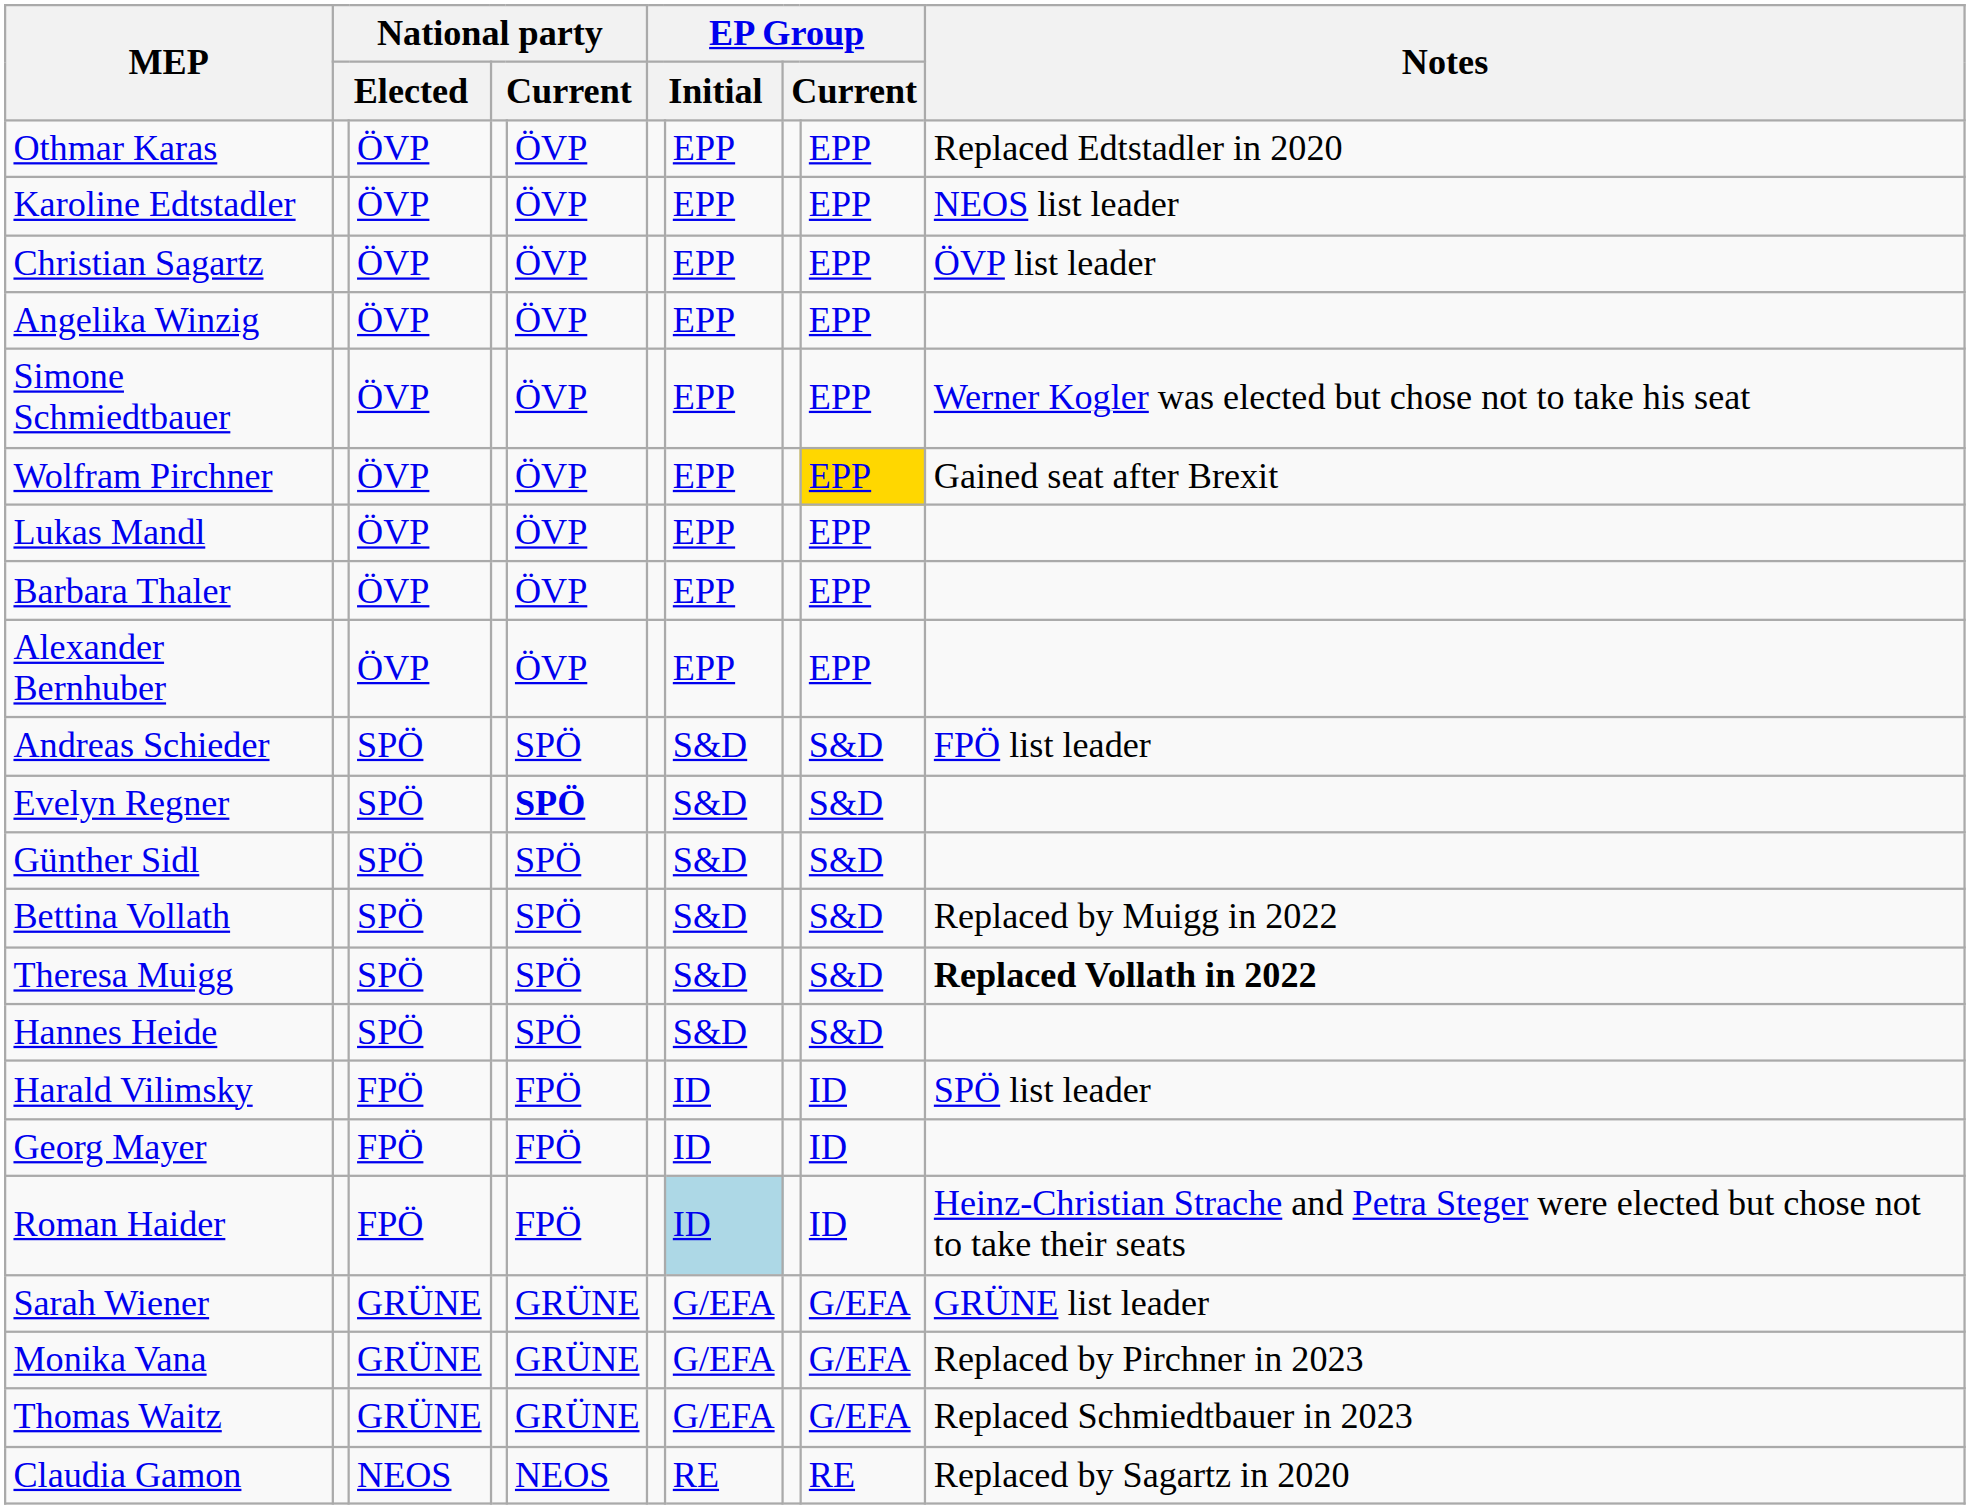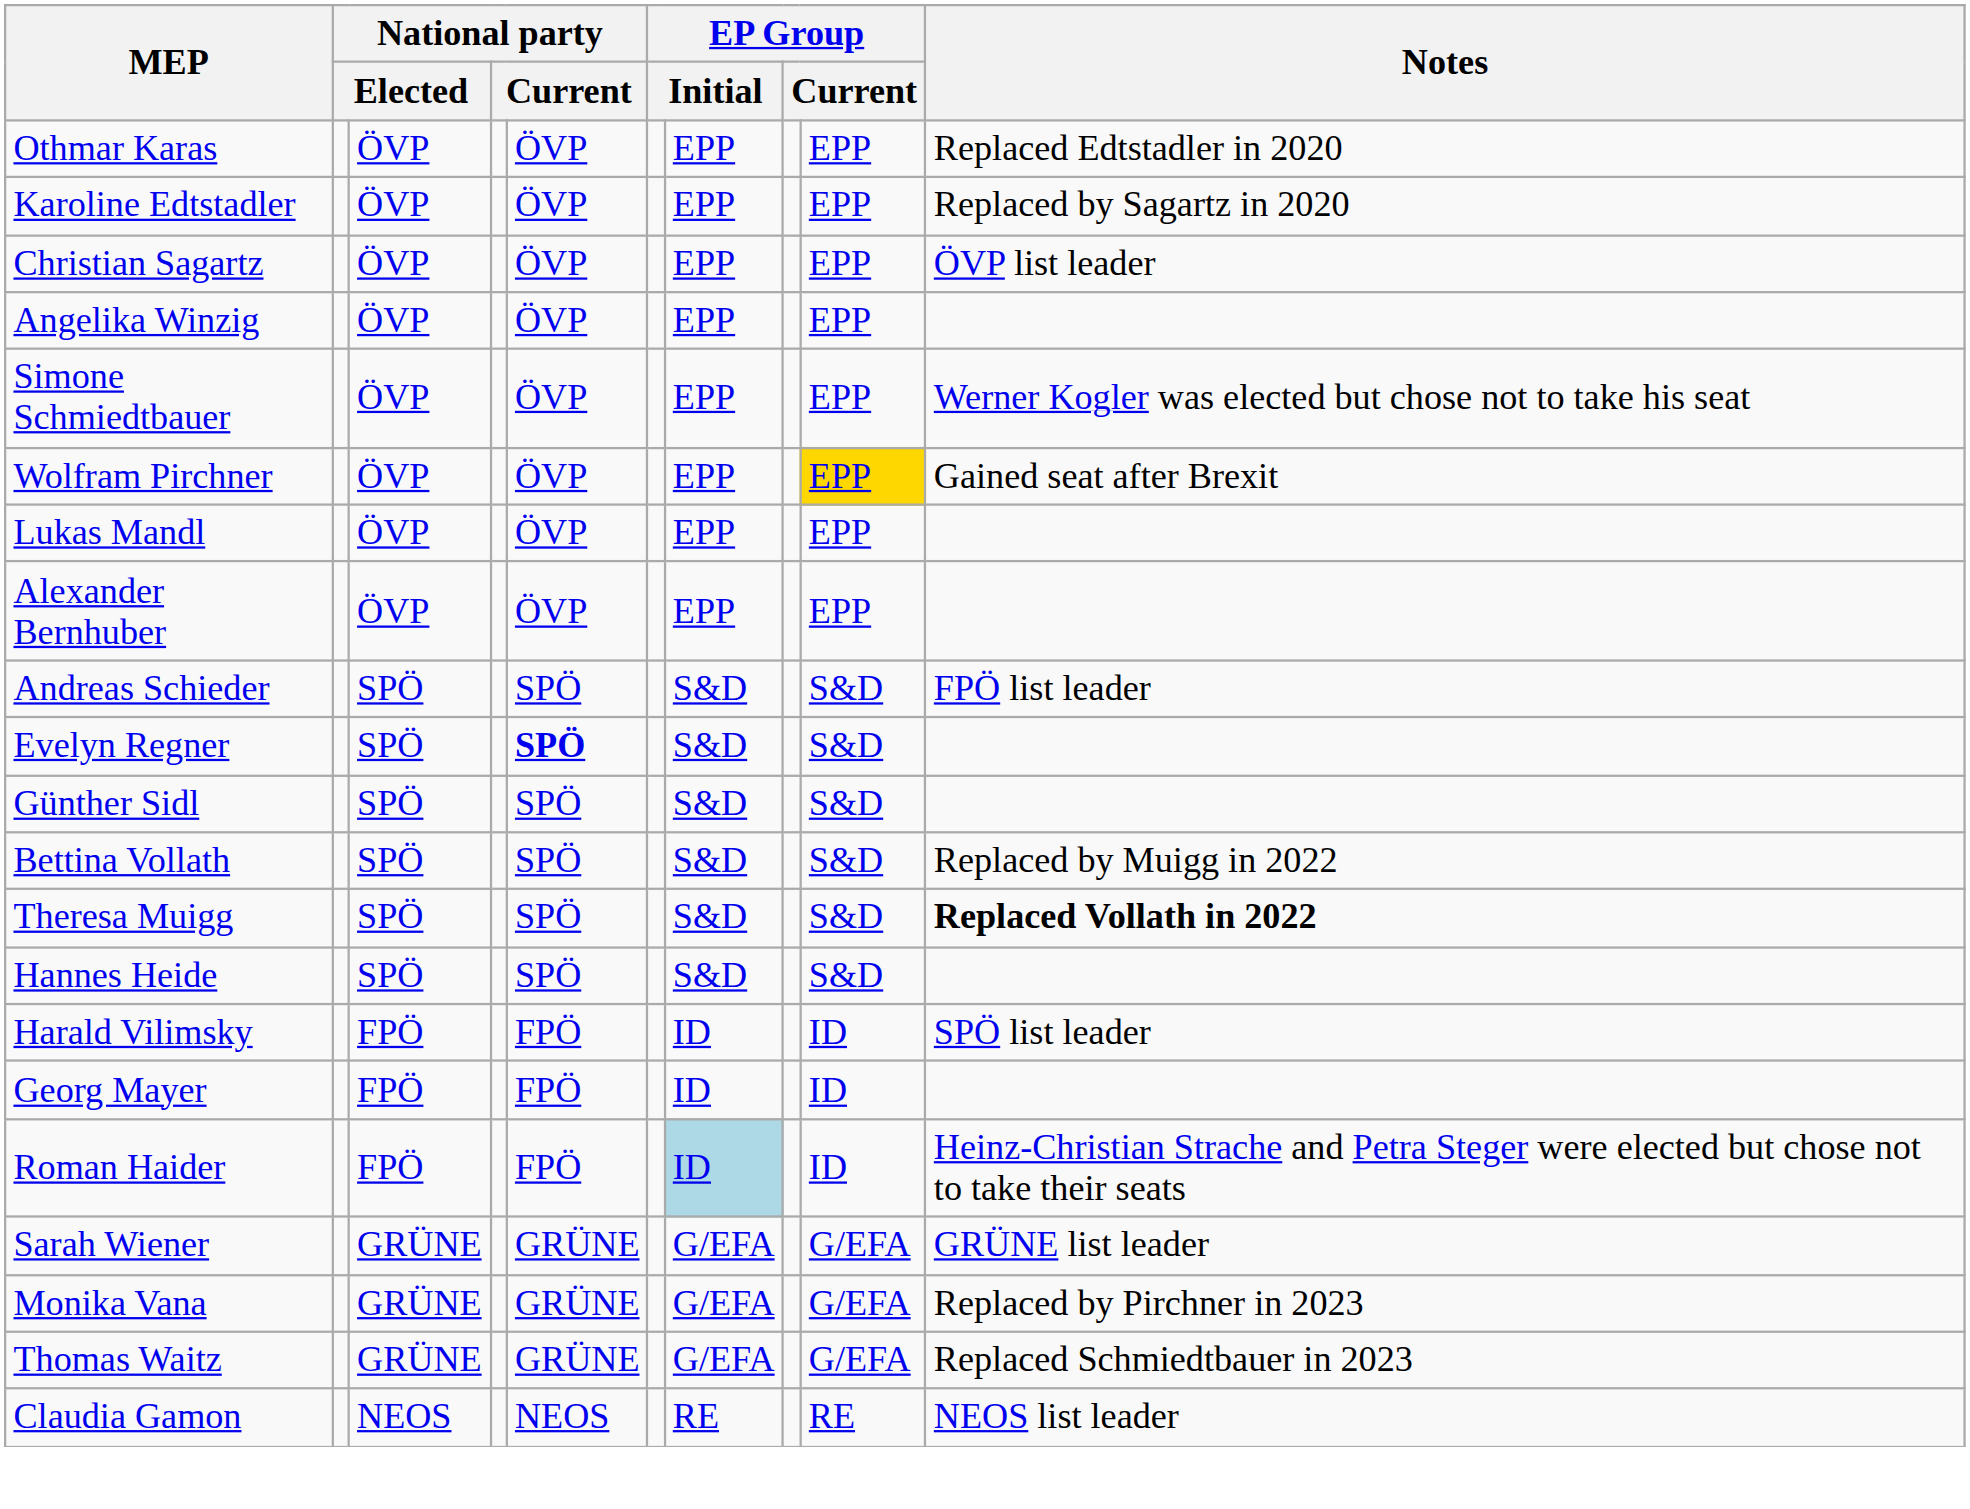 <table class="wikitable sortable" style="text-align:left">
 <tr>
 <th rowspan="2">MEP</th>
 <th colspan="4">National party</th>
 <th colspan="4"><a href='#'>EP Group</a></th>
 <th rowspan="2">Notes</th>
 </tr>
 <tr>
 <th colspan="2">Elected</th>
 <th colspan="2">Current</th>
 <th colspan="2">Initial</th>
 <th colspan="2">Current</th>
 </tr>
 <tr>
 <td><a href='#'>Othmar Karas</a></td>
 <td style="background: "></td>
 <td><a href='#'>ÖVP</a></td>
 <td style="background: "></td>
 <td><a href='#'>ÖVP</a></td>
 <td style="background: "></td>
 <td><a href='#'>EPP</a></td>
 <td style="background: "></td>
 <td><a href='#'>EPP</a></td>
 <td>Replaced Edtstadler in 2020</td>
 </tr>
 <tr>
 <td><a href='#'>Karoline Edtstadler</a></td>
 <td style="background: "></td>
 <td><a href='#'>ÖVP</a></td>
 <td style="background: "></td>
 <td><a href='#'>ÖVP</a></td>
 <td style="background: "></td>
 <td><a href='#'>EPP</a></td>
 <td style="background: "></td>
 <td><a href='#'>EPP</a></td>
-<td><a href='#'>NEOS</a> list leader</td>
+<td>Replaced by Sagartz in 2020</td>
 </tr>
 <tr>
 <td><a href='#'>Christian Sagartz</a></td>
 <td style="background: "></td>
 <td><a href='#'>ÖVP</a></td>
 <td style="background: "></td>
 <td><a href='#'>ÖVP</a></td>
 <td style="background: "></td>
 <td><a href='#'>EPP</a></td>
 <td style="background: "></td>
 <td><a href='#'>EPP</a></td>
 <td><a href='#'>ÖVP</a> list leader</td>
 </tr>
 <tr>
 <td><a href='#'>Angelika Winzig</a></td>
 <td style="background: "></td>
 <td><a href='#'>ÖVP</a></td>
 <td style="background: "></td>
 <td><a href='#'>ÖVP</a></td>
 <td style="background: "></td>
 <td><a href='#'>EPP</a></td>
 <td style="background: "></td>
 <td><a href='#'>EPP</a></td>
 <td></td>
 </tr>
 <tr>
 <td><a href='#'>Simone Schmiedtbauer</a></td>
 <td style="background: "></td>
 <td><a href='#'>ÖVP</a></td>
 <td style="background: "></td>
 <td><a href='#'>ÖVP</a></td>
 <td style="background: "></td>
 <td><a href='#'>EPP</a></td>
 <td style="background: "></td>
 <td><a href='#'>EPP</a></td>
 <td><a href='#'>Werner Kogler</a> was elected but chose not to take his seat</td>
 </tr>
 <tr>
 <td><a href='#'>Wolfram Pirchner</a></td>
 <td style="background: "></td>
 <td><a href='#'>ÖVP</a></td>
 <td style="background: "></td>
 <td><a href='#'>ÖVP</a></td>
 <td style="background: "></td>
 <td><a href='#'>EPP</a></td>
 <td style="background: "></td>
 <td style="background: gold;"><a href='#'>EPP</a></td>
 <td>Gained seat after Brexit</td>
 </tr>
 <tr>
 <td><a href='#'>Lukas Mandl</a></td>
-<td style="background: "></td>
-<td><a href='#'>ÖVP</a></td>
-<td style="background: "></td>
-<td><a href='#'>ÖVP</a></td>
-<td style="background: "></td>
-<td><a href='#'>EPP</a></td>
-<td style="background: "></td>
-<td><a href='#'>EPP</a></td>
-<td></td>
-</tr>
-<tr>
-<td><a href='#'>Barbara Thaler</a></td>
 <td style="background: "></td>
 <td><a href='#'>ÖVP</a></td>
 <td style="background: "></td>
 <td><a href='#'>ÖVP</a></td>
 <td style="background: "></td>
 <td><a href='#'>EPP</a></td>
 <td style="background: "></td>
 <td><a href='#'>EPP</a></td>
 <td></td>
 </tr>
 <tr>
 <td><a href='#'>Alexander Bernhuber</a></td>
 <td style="background: "></td>
 <td><a href='#'>ÖVP</a></td>
 <td style="background: "></td>
 <td><a href='#'>ÖVP</a></td>
 <td style="background: "></td>
 <td><a href='#'>EPP</a></td>
 <td style="background: "></td>
 <td><a href='#'>EPP</a></td>
 <td></td>
 </tr>
 <tr>
 <td><a href='#'>Andreas Schieder</a></td>
 <td style="background: "></td>
 <td><a href='#'>SPÖ</a></td>
 <td style="background: "></td>
 <td><a href='#'>SPÖ</a></td>
 <td style="background: "></td>
 <td><a href='#'>S&D</a></td>
 <td style="background: "></td>
 <td><a href='#'>S&D</a></td>
 <td><a href='#'>FPÖ</a> list leader</td>
 </tr>
 <tr>
 <td><a href='#'>Evelyn Regner</a></td>
 <td style="background: "></td>
 <td><a href='#'>SPÖ</a></td>
 <td style="background: "></td>
 <td><strong><a href='#'>SPÖ</a></strong></td>
 <td style="background: "></td>
 <td><a href='#'>S&D</a></td>
 <td style="background: "></td>
 <td><a href='#'>S&D</a></td>
 <td></td>
 </tr>
 <tr>
 <td><a href='#'>Günther Sidl</a></td>
 <td style="background: "></td>
 <td><a href='#'>SPÖ</a></td>
 <td style="background: "></td>
 <td><a href='#'>SPÖ</a></td>
 <td style="background: "></td>
 <td><a href='#'>S&D</a></td>
 <td style="background: "></td>
 <td><a href='#'>S&D</a></td>
 <td></td>
 </tr>
 <tr>
 <td><a href='#'>Bettina Vollath</a></td>
 <td style="background: "></td>
 <td><a href='#'>SPÖ</a></td>
 <td style="background: "></td>
 <td><a href='#'>SPÖ</a></td>
 <td style="background: "></td>
 <td><a href='#'>S&D</a></td>
 <td style="background: "></td>
 <td><a href='#'>S&D</a></td>
 <td>Replaced by Muigg in 2022</td>
 </tr>
 <tr>
 <td><a href='#'>Theresa Muigg</a></td>
 <td style="background: "></td>
 <td><a href='#'>SPÖ</a></td>
 <td style="background: "></td>
 <td><a href='#'>SPÖ</a></td>
 <td style="background: "></td>
 <td><a href='#'>S&D</a></td>
 <td style="background: "></td>
 <td><a href='#'>S&D</a></td>
 <td><strong>Replaced Vollath in 2022</strong></td>
 </tr>
 <tr>
 <td><a href='#'>Hannes Heide</a></td>
 <td style="background: "></td>
 <td><a href='#'>SPÖ</a></td>
 <td style="background: "></td>
 <td><a href='#'>SPÖ</a></td>
 <td style="background: "></td>
 <td><a href='#'>S&D</a></td>
 <td style="background: "></td>
 <td><a href='#'>S&D</a></td>
 <td></td>
 </tr>
 <tr>
 <td><a href='#'>Harald Vilimsky</a></td>
 <td style="background: "></td>
 <td><a href='#'>FPÖ</a></td>
 <td style="background: "></td>
 <td><a href='#'>FPÖ</a></td>
 <td style="background: "></td>
 <td><a href='#'>ID</a></td>
 <td style="background: "></td>
 <td><a href='#'>ID</a></td>
 <td><a href='#'>SPÖ</a> list leader</td>
 </tr>
 <tr>
 <td><a href='#'>Georg Mayer</a></td>
 <td style="background: "></td>
 <td><a href='#'>FPÖ</a></td>
 <td style="background: "></td>
 <td><a href='#'>FPÖ</a></td>
 <td style="background: "></td>
 <td><a href='#'>ID</a></td>
 <td style="background: "></td>
 <td><a href='#'>ID</a></td>
 <td></td>
 </tr>
 <tr>
 <td><a href='#'>Roman Haider</a></td>
 <td style="background: "></td>
 <td><a href='#'>FPÖ</a></td>
 <td style="background: "></td>
 <td><a href='#'>FPÖ</a></td>
 <td style="background: "></td>
 <td style="background: lightblue;"><a href='#'>ID</a></td>
 <td style="background: "></td>
 <td><a href='#'>ID</a></td>
 <td><a href='#'>Heinz-Christian Strache</a> and <a href='#'>Petra Steger</a> were elected but chose not to take their seats</td>
 </tr>
 <tr>
 <td><a href='#'>Sarah Wiener</a></td>
 <td style="background: "></td>
 <td><a href='#'>GRÜNE</a></td>
 <td style="background: "></td>
 <td><a href='#'>GRÜNE</a></td>
 <td style="background: "></td>
 <td><a href='#'>G/EFA</a></td>
 <td style="background: "></td>
 <td><a href='#'>G/EFA</a></td>
 <td><a href='#'>GRÜNE</a> list leader</td>
 </tr>
 <tr>
 <td><a href='#'>Monika Vana</a></td>
 <td style="background: "></td>
 <td><a href='#'>GRÜNE</a></td>
 <td style="background: "></td>
 <td><a href='#'>GRÜNE</a></td>
 <td style="background: "></td>
 <td><a href='#'>G/EFA</a></td>
 <td style="background: "></td>
 <td><a href='#'>G/EFA</a></td>
 <td>Replaced by Pirchner in 2023</td>
 </tr>
 <tr>
 <td><a href='#'>Thomas Waitz</a></td>
 <td style="background: "></td>
 <td><a href='#'>GRÜNE</a></td>
 <td style="background: "></td>
 <td><a href='#'>GRÜNE</a></td>
 <td style="background: "></td>
 <td><a href='#'>G/EFA</a></td>
 <td style="background: "></td>
 <td><a href='#'>G/EFA</a></td>
 <td>Replaced Schmiedtbauer in 2023</td>
 </tr>
 <tr>
 <td><a href='#'>Claudia Gamon</a></td>
 <td style="background: "></td>
 <td><a href='#'>NEOS</a></td>
 <td style="background: "></td>
 <td><a href='#'>NEOS</a></td>
 <td style="background: "></td>
 <td><a href='#'>RE</a></td>
 <td style="background: "></td>
 <td><a href='#'>RE</a></td>
-<td>Replaced by Sagartz in 2020</td>
+<td><a href='#'>NEOS</a> list leader</td>
 </tr>
 </table>
